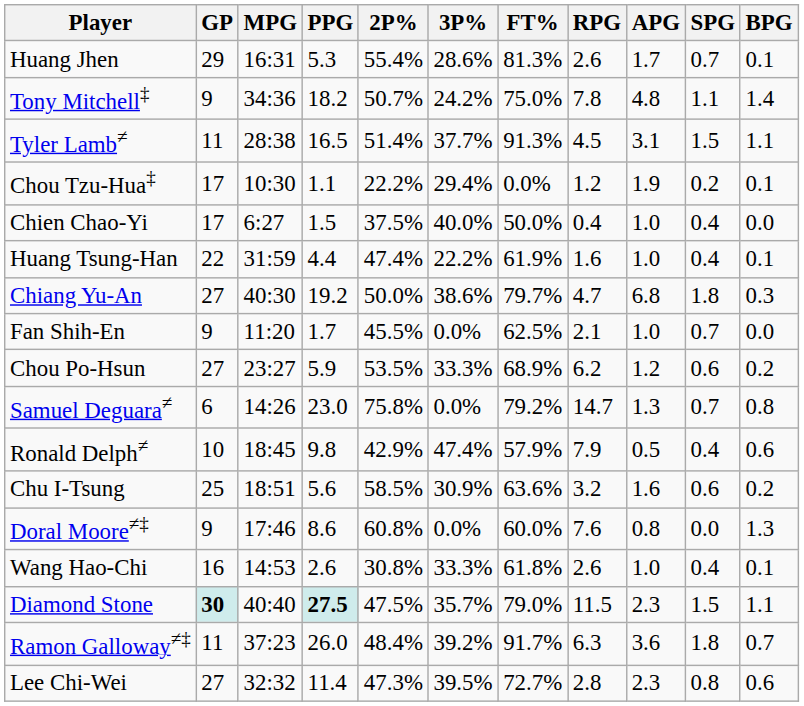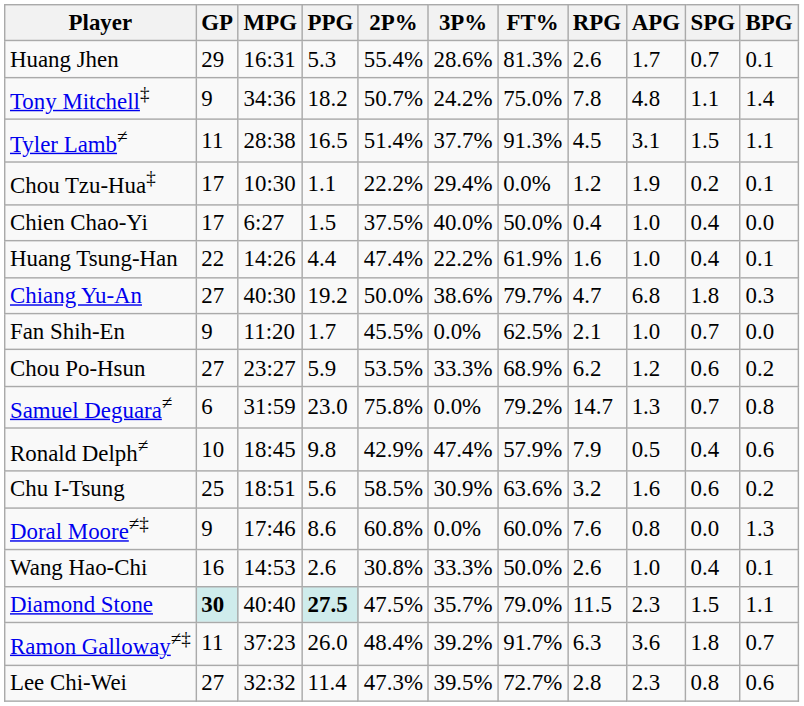 <table class="wikitable">
 <tr>
 <th>Player</th>
 <th>GP</th>
 <th>MPG</th>
 <th>PPG</th>
 <th>2P%</th>
 <th>3P%</th>
 <th>FT%</th>
 <th>RPG</th>
 <th>APG</th>
 <th>SPG</th>
 <th>BPG</th>
 </tr>
 <tr>
 <td>Huang Jhen</td>
 <td>29</td>
 <td>16:31</td>
 <td>5.3</td>
 <td>55.4%</td>
 <td>28.6%</td>
 <td>81.3%</td>
 <td>2.6</td>
 <td>1.7</td>
 <td>0.7</td>
 <td>0.1</td>
 </tr>
 <tr>
 <td><a href='#'>Tony Mitchell</a><sup>‡</sup></td>
 <td>9</td>
 <td>34:36</td>
 <td>18.2</td>
 <td>50.7%</td>
 <td>24.2%</td>
 <td>75.0%</td>
 <td>7.8</td>
 <td>4.8</td>
 <td>1.1</td>
 <td>1.4</td>
 </tr>
 <tr>
 <td><a href='#'>Tyler Lamb</a><sup>≠</sup></td>
 <td>11</td>
 <td>28:38</td>
 <td>16.5</td>
 <td>51.4%</td>
 <td>37.7%</td>
 <td>91.3%</td>
 <td>4.5</td>
 <td>3.1</td>
 <td>1.5</td>
 <td>1.1</td>
 </tr>
 <tr>
 <td>Chou Tzu-Hua<sup>‡</sup></td>
 <td>17</td>
 <td>10:30</td>
 <td>1.1</td>
 <td>22.2%</td>
 <td>29.4%</td>
 <td>0.0%</td>
 <td>1.2</td>
 <td>1.9</td>
 <td>0.2</td>
 <td>0.1</td>
 </tr>
 <tr>
 <td>Chien Chao-Yi</td>
 <td>17</td>
 <td>6:27</td>
 <td>1.5</td>
 <td>37.5%</td>
 <td>40.0%</td>
 <td>50.0%</td>
 <td>0.4</td>
 <td>1.0</td>
 <td>0.4</td>
 <td>0.0</td>
 </tr>
 <tr>
 <td>Huang Tsung-Han</td>
 <td>22</td>
-<td>31:59</td>
+<td>14:26</td>
 <td>4.4</td>
 <td>47.4%</td>
 <td>22.2%</td>
 <td>61.9%</td>
 <td>1.6</td>
 <td>1.0</td>
 <td>0.4</td>
 <td>0.1</td>
 </tr>
 <tr>
 <td><a href='#'>Chiang Yu-An</a></td>
 <td>27</td>
 <td>40:30</td>
 <td>19.2</td>
 <td>50.0%</td>
 <td>38.6%</td>
 <td>79.7%</td>
 <td>4.7</td>
 <td>6.8</td>
 <td>1.8</td>
 <td>0.3</td>
 </tr>
 <tr>
 <td>Fan Shih-En</td>
 <td>9</td>
 <td>11:20</td>
 <td>1.7</td>
 <td>45.5%</td>
 <td>0.0%</td>
 <td>62.5%</td>
 <td>2.1</td>
 <td>1.0</td>
 <td>0.7</td>
 <td>0.0</td>
 </tr>
 <tr>
 <td>Chou Po-Hsun</td>
 <td>27</td>
 <td>23:27</td>
 <td>5.9</td>
 <td>53.5%</td>
 <td>33.3%</td>
 <td>68.9%</td>
 <td>6.2</td>
 <td>1.2</td>
 <td>0.6</td>
 <td>0.2</td>
 </tr>
 <tr>
 <td><a href='#'>Samuel Deguara</a><sup>≠</sup></td>
 <td>6</td>
-<td>14:26</td>
+<td>31:59</td>
 <td>23.0</td>
 <td>75.8%</td>
 <td>0.0%</td>
 <td>79.2%</td>
 <td>14.7</td>
 <td>1.3</td>
 <td>0.7</td>
 <td>0.8</td>
 </tr>
 <tr>
 <td>Ronald Delph<sup>≠</sup></td>
 <td>10</td>
 <td>18:45</td>
 <td>9.8</td>
 <td>42.9%</td>
 <td>47.4%</td>
 <td>57.9%</td>
 <td>7.9</td>
 <td>0.5</td>
 <td>0.4</td>
 <td>0.6</td>
 </tr>
 <tr>
 <td>Chu I-Tsung</td>
 <td>25</td>
 <td>18:51</td>
 <td>5.6</td>
 <td>58.5%</td>
 <td>30.9%</td>
 <td>63.6%</td>
 <td>3.2</td>
 <td>1.6</td>
 <td>0.6</td>
 <td>0.2</td>
 </tr>
 <tr>
 <td><a href='#'>Doral Moore</a><sup>≠‡</sup></td>
 <td>9</td>
 <td>17:46</td>
 <td>8.6</td>
 <td>60.8%</td>
 <td>0.0%</td>
 <td>60.0%</td>
 <td>7.6</td>
 <td>0.8</td>
 <td>0.0</td>
 <td>1.3</td>
 </tr>
 <tr>
 <td>Wang Hao-Chi</td>
 <td>16</td>
 <td>14:53</td>
 <td>2.6</td>
 <td>30.8%</td>
 <td>33.3%</td>
-<td>61.8%</td>
+<td>50.0%</td>
 <td>2.6</td>
 <td>1.0</td>
 <td>0.4</td>
 <td>0.1</td>
 </tr>
 <tr>
 <td><a href='#'>Diamond Stone</a></td>
 <td style="background-color: #CFECEC"><strong>30</strong></td>
 <td>40:40</td>
 <td style="background-color: #CFECEC"><strong>27.5</strong></td>
 <td>47.5%</td>
 <td>35.7%</td>
 <td>79.0%</td>
 <td>11.5</td>
 <td>2.3</td>
 <td>1.5</td>
 <td>1.1</td>
 </tr>
 <tr>
 <td><a href='#'>Ramon Galloway</a><sup>≠‡</sup></td>
 <td>11</td>
 <td>37:23</td>
 <td>26.0</td>
 <td>48.4%</td>
 <td>39.2%</td>
 <td>91.7%</td>
 <td>6.3</td>
 <td>3.6</td>
 <td>1.8</td>
 <td>0.7</td>
 </tr>
 <tr>
 <td>Lee Chi-Wei</td>
 <td>27</td>
 <td>32:32</td>
 <td>11.4</td>
 <td>47.3%</td>
 <td>39.5%</td>
 <td>72.7%</td>
 <td>2.8</td>
 <td>2.3</td>
 <td>0.8</td>
 <td>0.6</td>
 </tr>
 </table>
